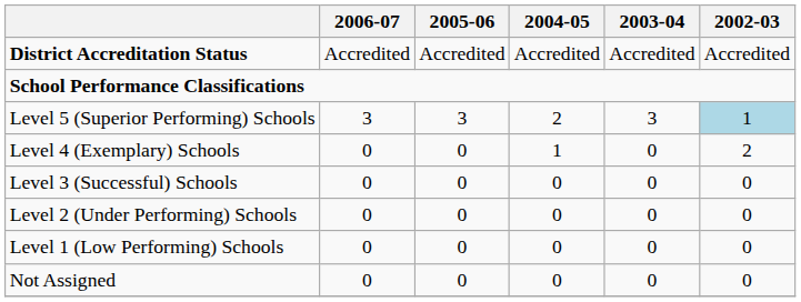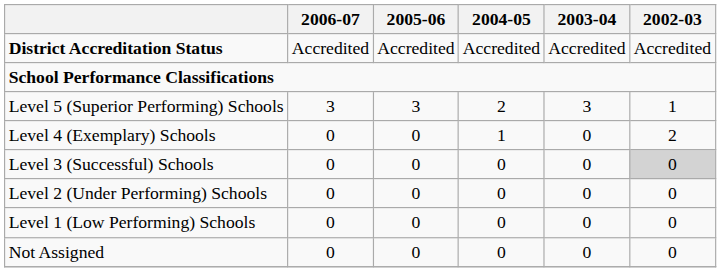 <table class="wikitable" style="font-size: 95%;">
 <tr>
 <th></th>
 <th>2006-07</th>
 <th>2005-06</th>
 <th>2004-05</th>
 <th>2003-04</th>
 <th>2002-03</th>
 </tr>
 <tr>
 <td align="left"><strong>District Accreditation Status</strong></td>
 <td align="center">Accredited</td>
 <td align="center">Accredited</td>
 <td align="center">Accredited</td>
 <td align="center">Accredited</td>
 <td align="center">Accredited</td>
 </tr>
 <tr>
 <td align="left" colspan="6"><strong>School Performance Classifications</strong></td>
 </tr>
 <tr>
 <td align="left">Level 5 (Superior Performing) Schools</td>
 <td align="center">3</td>
 <td align="center">3</td>
 <td align="center">2</td>
 <td align="center">3</td>
-<td align="center" style="background: lightblue;">1</td>
+<td align="center">1</td>
 </tr>
 <tr>
 <td align="left">Level 4 (Exemplary) Schools</td>
 <td align="center">0</td>
 <td align="center">0</td>
 <td align="center">1</td>
 <td align="center">0</td>
 <td align="center">2</td>
 </tr>
 <tr>
 <td align="left">Level 3 (Successful) Schools</td>
 <td align="center">0</td>
 <td align="center">0</td>
 <td align="center">0</td>
 <td align="center">0</td>
-<td align="center">0</td>
+<td align="center" style="background: lightgrey;">0</td>
 </tr>
 <tr>
 <td align="left">Level 2 (Under Performing) Schools</td>
 <td align="center">0</td>
 <td align="center">0</td>
 <td align="center">0</td>
 <td align="center">0</td>
 <td align="center">0</td>
 </tr>
 <tr>
 <td align="left">Level 1 (Low Performing) Schools</td>
 <td align="center">0</td>
 <td align="center">0</td>
 <td align="center">0</td>
 <td align="center">0</td>
 <td align="center">0</td>
 </tr>
 <tr>
 <td align="left">Not Assigned</td>
 <td align="center">0</td>
 <td align="center">0</td>
 <td align="center">0</td>
 <td align="center">0</td>
 <td align="center">0</td>
 </tr>
 <tr>
 </tr>
 </table>
